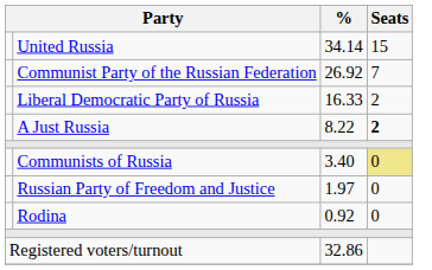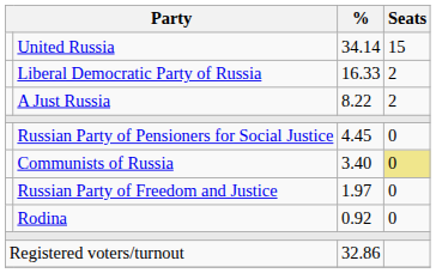 <table class="wikitable">
 <tr>
 <th colspan=2>Party</th>
 <th>%</th>
 <th>Seats</th>
 </tr>
 <tr>
 <td style="background:"></td>
 <td><a href='#'>United Russia</a></td>
 <td>34.14</td>
 <td>15</td>
 </tr>
 <tr>
 <td style="background:"></td>
-<td><a href='#'>Communist Party of the Russian Federation</a></td>
-<td>26.92</td>
-<td>7</td>
-</tr>
-<tr>
-<td style="background:"></td>
 <td><a href='#'>Liberal Democratic Party of Russia</a></td>
 <td>16.33</td>
 <td>2</td>
 </tr>
 <tr>
 <td style="background:"></td>
 <td><a href='#'>A Just Russia</a></td>
 <td>8.22</td>
-<td><strong>2</strong></td>
+<td>2</td>
 </tr>
 <tr>
 <td colspan=4 style="background:#E9E9E9;"></td>
+</tr>
+<tr>
+<td style="background:"></td>
+<td><a href='#'>Russian Party of Pensioners for Social Justice</a></td>
+<td>4.45</td>
+<td>0</td>
 </tr>
 <tr>
 <td style="background:"></td>
 <td><a href='#'>Communists of Russia</a></td>
 <td>3.40</td>
 <td style="background: khaki;">0</td>
 </tr>
 <tr>
 <td style="background:"></td>
 <td><a href='#'>Russian Party of Freedom and Justice</a></td>
 <td>1.97</td>
 <td>0</td>
 </tr>
 <tr>
 <td style="background:"></td>
 <td><a href='#'>Rodina</a></td>
 <td>0.92</td>
 <td>0</td>
 </tr>
 <tr>
 <td colspan=4 style="background:#E9E9E9;"></td>
 </tr>
 <tr>
 <td align=left colspan=2>Registered voters/turnout</td>
 <td>32.86</td>
 <td></td>
 </tr>
 <tr>
 </tr>
 </table>
